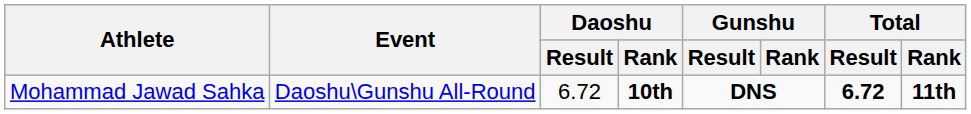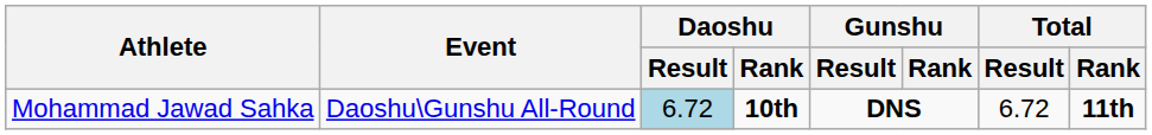 <table class=wikitable style="font-size:90%">
 <tr>
 <th rowspan="2">Athlete</th>
 <th rowspan="2">Event</th>
 <th colspan="2">Daoshu</th>
 <th colspan="2">Gunshu</th>
 <th colspan="2">Total</th>
 </tr>
 <tr>
 <th>Result</th>
 <th>Rank</th>
 <th>Result</th>
 <th>Rank</th>
 <th>Result</th>
 <th>Rank</th>
 </tr>
 <tr>
 <td><a href='#'>Mohammad Jawad Sahka</a></td>
 <td><a href='#'>Daoshu\Gunshu All-Round</a></td>
-<td align=center>6.72</td>
+<td align=center style="background: lightblue;">6.72</td>
 <td align=center><strong>10th</strong></td>
 <td align=center colspan=2><strong>DNS</strong></td>
-<td align=center><strong>6.72</strong></td>
+<td align=center>6.72</td>
 <td align=center><strong>11th</strong></td>
 </tr>
 </table>
